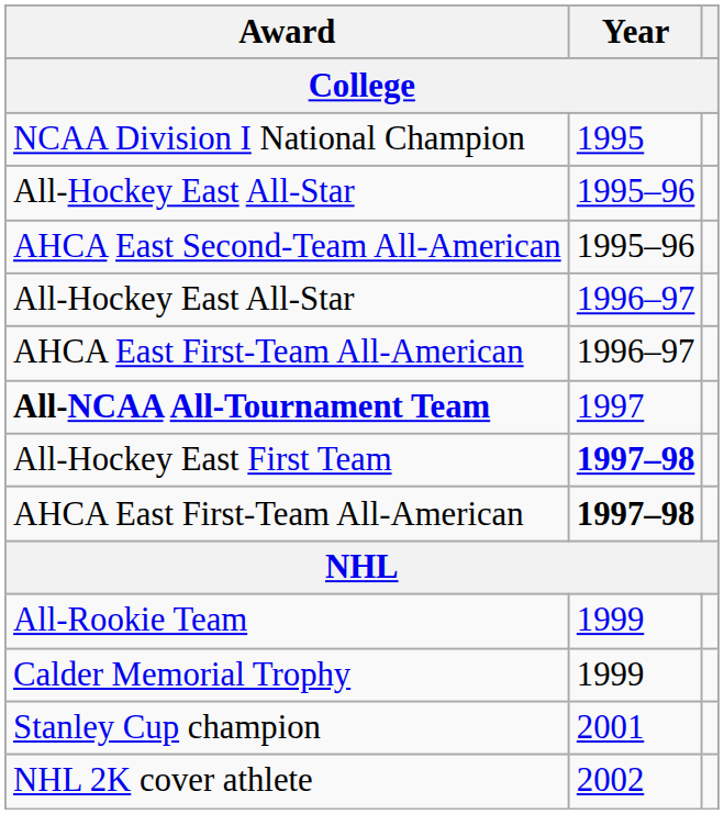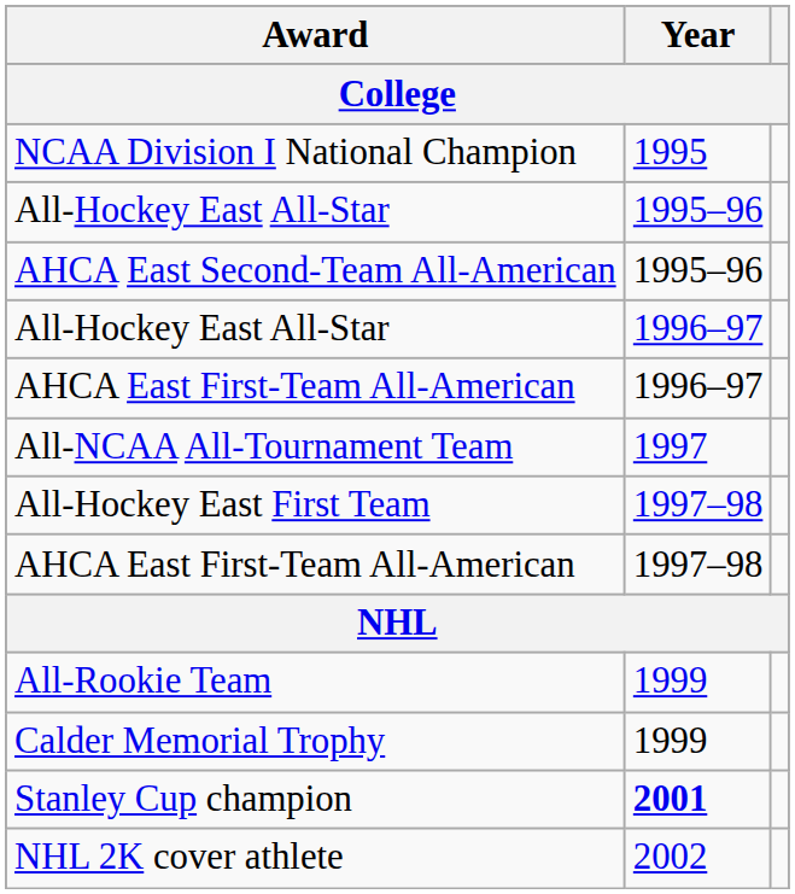 <table class="wikitable">
 <tr>
 <th>Award</th>
 <th>Year</th>
 <th></th>
 </tr>
 <tr>
 <th colspan="3"><a href='#'>College</a></th>
 </tr>
 <tr>
 <td><a href='#'>NCAA Division I</a> National Champion</td>
 <td><a href='#'>1995</a></td>
 <td></td>
 </tr>
 <tr>
 <td>All-<a href='#'>Hockey East</a> <a href='#'>All-Star</a></td>
 <td><a href='#'>1995–96</a></td>
 <td></td>
 </tr>
 <tr>
 <td><a href='#'>AHCA</a> <a href='#'>East Second-Team All-American</a></td>
 <td>1995–96</td>
 <td></td>
 </tr>
 <tr>
 <td>All-Hockey East All-Star</td>
 <td><a href='#'>1996–97</a></td>
 <td></td>
 </tr>
 <tr>
 <td>AHCA <a href='#'>East First-Team All-American</a></td>
 <td>1996–97</td>
 <td></td>
 </tr>
 <tr>
-<td><strong>All-<a href='#'>NCAA</a> <a href='#'>All-Tournament Team</a></strong></td>
+<td>All-<a href='#'>NCAA</a> <a href='#'>All-Tournament Team</a></td>
 <td><a href='#'>1997</a></td>
 <td></td>
 </tr>
 <tr>
 <td>All-Hockey East <a href='#'>First Team</a></td>
-<td><strong><a href='#'>1997–98</a></strong></td>
+<td><a href='#'>1997–98</a></td>
 <td></td>
 </tr>
 <tr>
 <td>AHCA East First-Team All-American</td>
-<td><strong>1997–98</strong></td>
+<td>1997–98</td>
 <td></td>
 </tr>
 <tr>
 <th colspan="3"><a href='#'>NHL</a></th>
 </tr>
 <tr>
 <td><a href='#'>All-Rookie Team</a></td>
 <td><a href='#'>1999</a></td>
 <td></td>
 </tr>
 <tr>
 <td><a href='#'>Calder Memorial Trophy</a></td>
 <td>1999</td>
 <td></td>
 </tr>
 <tr>
 <td><a href='#'>Stanley Cup</a> champion</td>
-<td><a href='#'>2001</a></td>
+<td><strong><a href='#'>2001</a></strong></td>
 <td></td>
 </tr>
 <tr>
 <td><a href='#'>NHL 2K</a> cover athlete</td>
 <td><a href='#'>2002</a></td>
 <td></td>
 </tr>
 </table>
